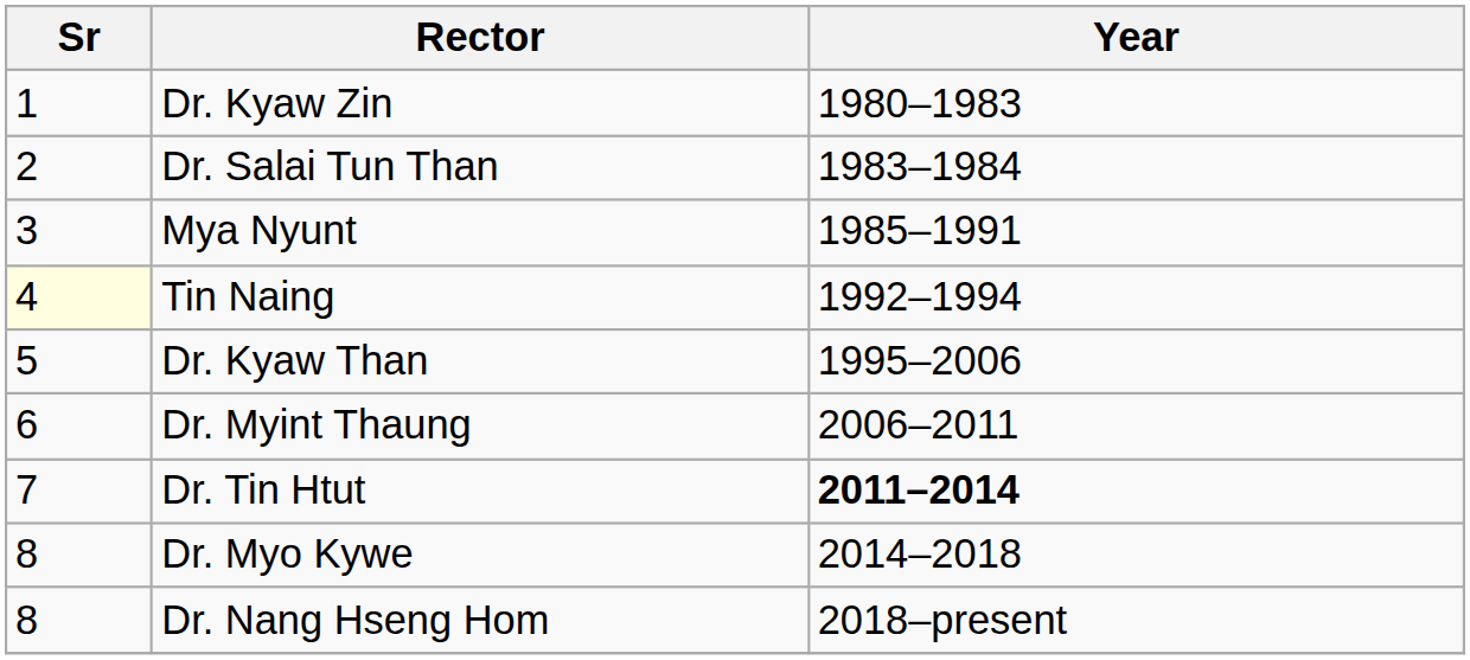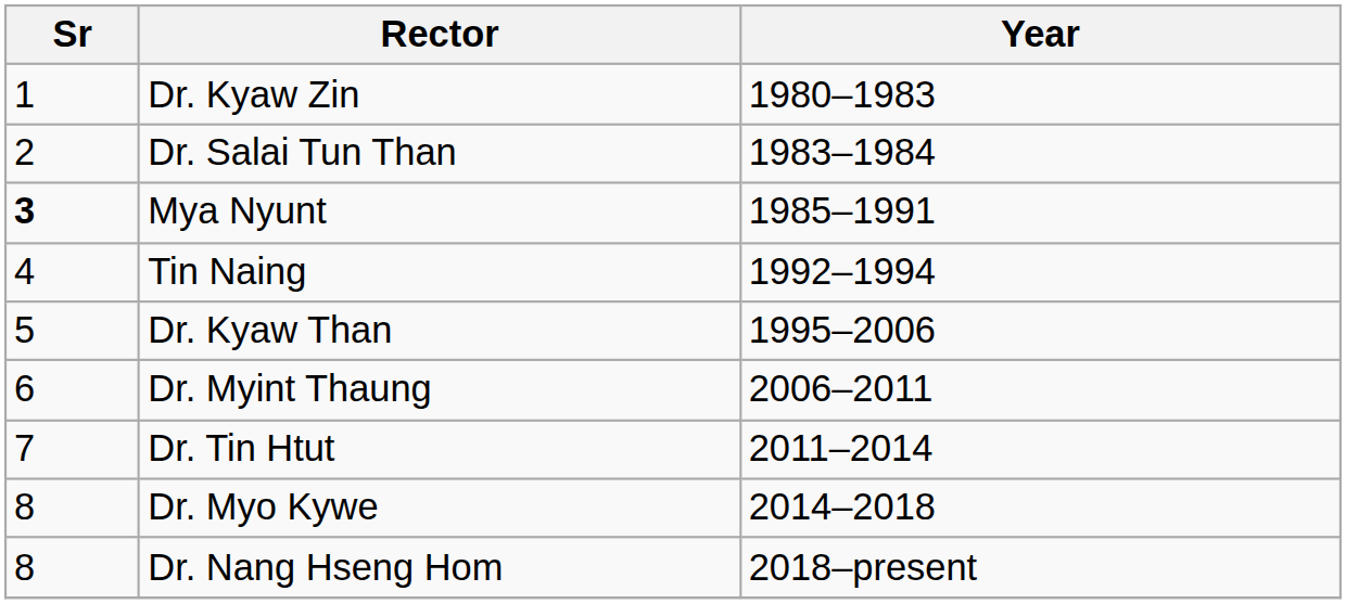 <table class="wikitable">
 <tr>
 <th width="50">Sr</th>
 <th width="250">Rector</th>
 <th width="250">Year</th>
 </tr>
 <tr>
 <td>1</td>
 <td>Dr. Kyaw Zin</td>
 <td>1980–1983</td>
 </tr>
 <tr>
 <td>2</td>
 <td>Dr. Salai Tun Than</td>
 <td>1983–1984</td>
 </tr>
 <tr>
-<td>3</td>
+<td><strong>3</strong></td>
 <td>Mya Nyunt</td>
 <td>1985–1991</td>
 </tr>
 <tr>
-<td style="background: lightyellow;">4</td>
+<td>4</td>
 <td>Tin Naing</td>
 <td>1992–1994</td>
 </tr>
 <tr>
 <td>5</td>
 <td>Dr. Kyaw Than</td>
 <td>1995–2006</td>
 </tr>
 <tr>
 <td>6</td>
 <td>Dr. Myint Thaung</td>
 <td>2006–2011</td>
 </tr>
 <tr>
 <td>7</td>
 <td>Dr. Tin Htut</td>
-<td><strong>2011–2014</strong></td>
+<td>2011–2014</td>
 </tr>
 <tr>
 <td>8</td>
 <td>Dr. Myo Kywe</td>
 <td>2014–2018</td>
 </tr>
 <tr>
 <td>8</td>
 <td>Dr. Nang Hseng Hom</td>
 <td>2018–present</td>
 </tr>
 <tr>
 </tr>
 </table>
